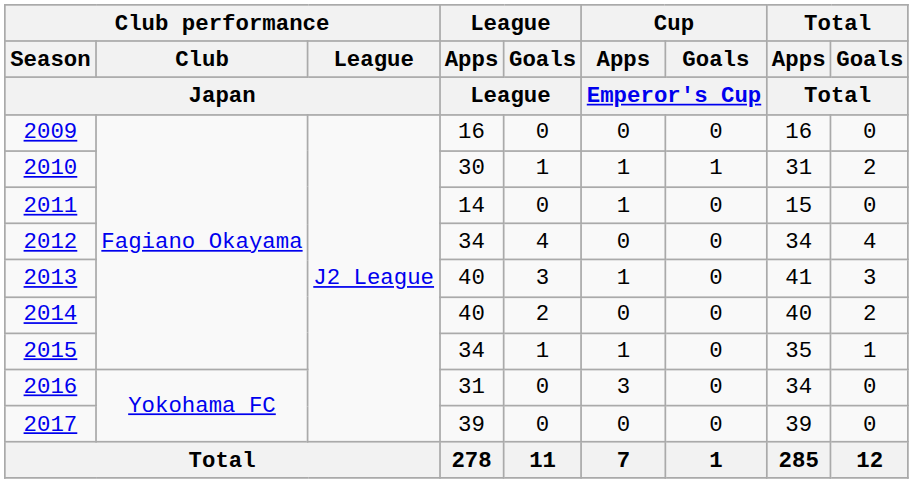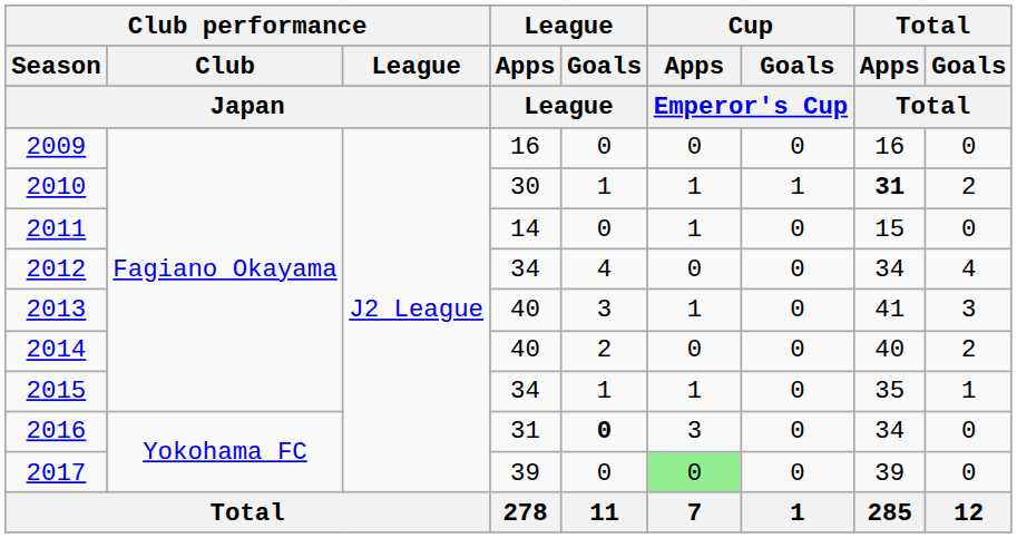 <table class="wikitable" style="text-align:center;">
 <tr>
 <th colspan=3>Club performance</th>
 <th colspan=2>League</th>
 <th colspan=2>Cup</th>
 <th colspan=2>Total</th>
 </tr>
 <tr>
 <th>Season</th>
 <th>Club</th>
 <th>League</th>
 <th>Apps</th>
 <th>Goals</th>
 <th>Apps</th>
 <th>Goals</th>
 <th>Apps</th>
 <th>Goals</th>
 </tr>
 <tr>
 <th colspan=3>Japan</th>
 <th colspan=2>League</th>
 <th colspan=2><a href='#'>Emperor's Cup</a></th>
 <th colspan=2>Total</th>
 </tr>
 <tr colspan="2"|->
 <td><a href='#'>2009</a></td>
 <td rowspan="7"><a href='#'>Fagiano Okayama</a></td>
 <td rowspan="9"><a href='#'>J2 League</a></td>
 <td>16</td>
 <td>0</td>
 <td>0</td>
 <td>0</td>
 <td>16</td>
 <td>0</td>
 </tr>
 <tr>
 <td><a href='#'>2010</a></td>
 <td>30</td>
 <td>1</td>
 <td>1</td>
 <td>1</td>
-<td>31</td>
+<td><strong>31</strong></td>
 <td>2</td>
 </tr>
 <tr>
 <td><a href='#'>2011</a></td>
 <td>14</td>
 <td>0</td>
 <td>1</td>
 <td>0</td>
 <td>15</td>
 <td>0</td>
 </tr>
 <tr>
 <td><a href='#'>2012</a></td>
 <td>34</td>
 <td>4</td>
 <td>0</td>
 <td>0</td>
 <td>34</td>
 <td>4</td>
 </tr>
 <tr>
 <td><a href='#'>2013</a></td>
 <td>40</td>
 <td>3</td>
 <td>1</td>
 <td>0</td>
 <td>41</td>
 <td>3</td>
 </tr>
 <tr>
 <td><a href='#'>2014</a></td>
 <td>40</td>
 <td>2</td>
 <td>0</td>
 <td>0</td>
 <td>40</td>
 <td>2</td>
 </tr>
 <tr>
 <td><a href='#'>2015</a></td>
 <td>34</td>
 <td>1</td>
 <td>1</td>
 <td>0</td>
 <td>35</td>
 <td>1</td>
 </tr>
 <tr>
 <td><a href='#'>2016</a></td>
 <td rowspan="2"><a href='#'>Yokohama FC</a></td>
 <td>31</td>
-<td>0</td>
+<td><strong>0</strong></td>
 <td>3</td>
 <td>0</td>
 <td>34</td>
 <td>0</td>
 </tr>
 <tr>
 <td><a href='#'>2017</a></td>
 <td>39</td>
 <td>0</td>
-<td>0</td>
+<td style="background: lightgreen;">0</td>
 <td>0</td>
 <td>39</td>
 <td>0</td>
 </tr>
 <tr>
 <th colspan=3>Total</th>
 <th>278</th>
 <th>11</th>
 <th>7</th>
 <th>1</th>
 <th>285</th>
 <th>12</th>
 </tr>
 </table>
